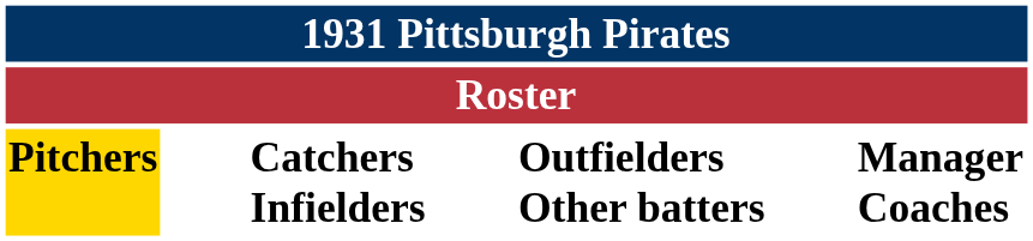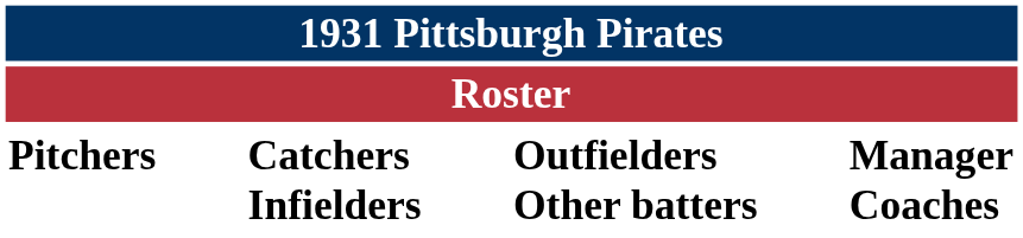 <table class="toccolours" style="font-size: 95%;">
 <tr>
 <th colspan="10" style="background-color: #023465; color: white; text-align: center;">1931 Pittsburgh Pirates</th>
 </tr>
 <tr>
 <td colspan="10" style="background-color: #ba313c; color: white; text-align: center;"><strong>Roster</strong></td>
 </tr>
 <tr>
-<td valign="top" style="background: gold;"><strong>Pitchers</strong><br>           </td>
+<td valign="top"><strong>Pitchers</strong><br>           </td>
 <td width="25px"></td>
 <td valign="top"><strong>Catchers</strong><br>     <strong>Infielders</strong>        </td>
 <td width="25px"></td>
 <td valign="top"><strong>Outfielders</strong><br>      <strong>Other batters</strong> </td>
 <td width="25px"></td>
 <td valign="top"><strong>Manager</strong><br> <strong>Coaches</strong>   </td>
 </tr>
 </table>
